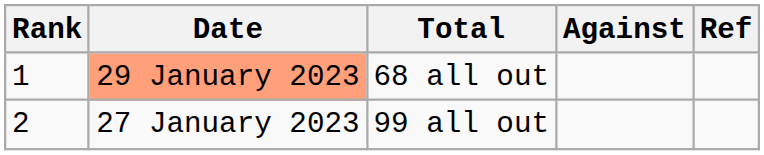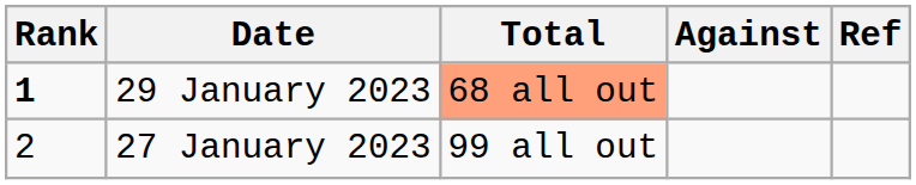 <table class="wikitable">
 <tr>
 <th>Rank</th>
 <th>Date</th>
 <th>Total</th>
 <th>Against</th>
 <th>Ref</th>
 </tr>
 <tr>
-<td>1</td>
-<td style="background: lightsalmon;">29 January 2023</td>
-<td>68 all out</td>
+<td><strong>1</strong></td>
+<td>29 January 2023</td>
+<td style="background: lightsalmon;">68 all out</td>
 <td></td>
 <td></td>
 </tr>
 <tr>
 <td>2</td>
 <td>27 January 2023</td>
 <td>99 all out</td>
 <td></td>
 <td></td>
 </tr>
 </table>
